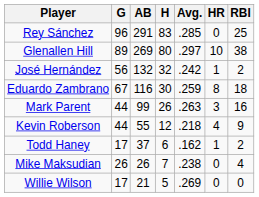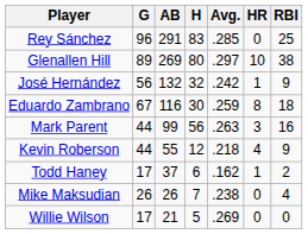 <table class="wikitable sortable" style="text-align:center">
 <tr>
 <th>Player</th>
 <th>G</th>
 <th>AB</th>
 <th>H</th>
 <th>Avg.</th>
 <th>HR</th>
 <th>RBI</th>
 </tr>
 <tr>
 <td><a href='#'>Rey Sánchez</a></td>
 <td>96</td>
 <td>291</td>
 <td>83</td>
 <td>.285</td>
 <td>0</td>
 <td>25</td>
 </tr>
 <tr>
 <td><a href='#'>Glenallen Hill</a></td>
 <td>89</td>
 <td>269</td>
 <td>80</td>
 <td>.297</td>
 <td>10</td>
 <td>38</td>
 </tr>
 <tr>
 <td><a href='#'>José Hernández</a></td>
 <td>56</td>
 <td>132</td>
 <td>32</td>
 <td>.242</td>
 <td>1</td>
-<td>2</td>
+<td>9</td>
 </tr>
 <tr>
 <td><a href='#'>Eduardo Zambrano</a></td>
 <td>67</td>
 <td>116</td>
 <td>30</td>
 <td>.259</td>
 <td>8</td>
 <td>18</td>
 </tr>
 <tr>
 <td><a href='#'>Mark Parent</a></td>
 <td>44</td>
 <td>99</td>
-<td>26</td>
+<td>56</td>
 <td>.263</td>
 <td>3</td>
 <td>16</td>
 </tr>
 <tr>
 <td><a href='#'>Kevin Roberson</a></td>
 <td>44</td>
 <td>55</td>
 <td>12</td>
 <td>.218</td>
 <td>4</td>
 <td>9</td>
 </tr>
 <tr>
 <td><a href='#'>Todd Haney</a></td>
 <td>17</td>
 <td>37</td>
 <td>6</td>
 <td>.162</td>
 <td>1</td>
 <td>2</td>
 </tr>
 <tr>
 <td><a href='#'>Mike Maksudian</a></td>
 <td>26</td>
 <td>26</td>
 <td>7</td>
 <td>.238</td>
 <td>0</td>
 <td>4</td>
 </tr>
 <tr>
 <td><a href='#'>Willie Wilson</a></td>
 <td>17</td>
 <td>21</td>
 <td>5</td>
 <td>.269</td>
 <td>0</td>
 <td>0</td>
 </tr>
 </table>
